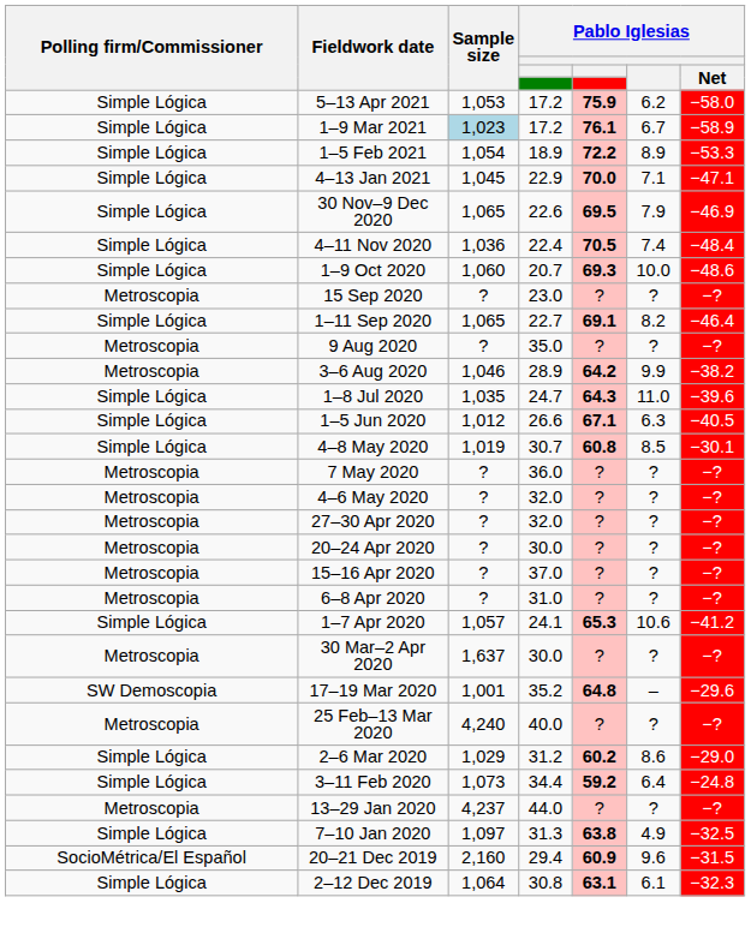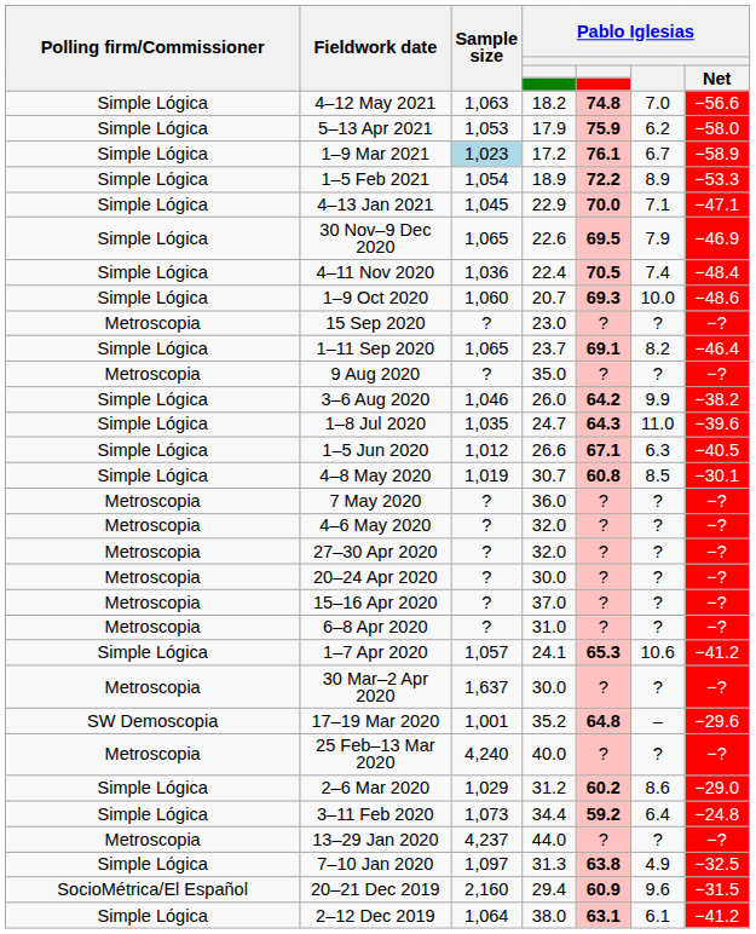 <table class="wikitable collapsible collapsed" style="text-align:center; font-size:90%; line-height:14px;">
 <tr style="height:42px;">
 <th style="width:250px;" rowspan="4">Polling firm/Commissioner</th>
 <th style="width:125px;" rowspan="4">Fieldwork date</th>
 <th style="width:50px;" rowspan="4">Sample size</th>
 <th style="width:185px;" colspan="4"><a href='#'>Pablo Iglesias</a><br></th>
 </tr>
 <tr>
 <th colspan="4" style="background:"></th>
 </tr>
 <tr>
 <th style="width:30px;"></th>
 <th style="width:30px;"></th>
 <th style="width:30px;" rowspan="2"></th>
 <th style="width:30px;" rowspan="2">Net</th>
 </tr>
 <tr>
 <th style="color:inherit;background:#008000;"></th>
 <th style="color:inherit;background:#FF0000;"></th>
 </tr>
 <tr>
 <td>Simple Lógica</td>
+<td>4–12 May 2021</td>
+<td>1,063</td>
+<td>18.2</td>
+<td style="background:#FFC2C1;"><strong>74.8</strong></td>
+<td>7.0</td>
+<td style="background:#FF0000; color:white;">−56.6</td>
+</tr>
+<tr>
+<td>Simple Lógica</td>
 <td>5–13 Apr 2021</td>
 <td>1,053</td>
-<td>17.2</td>
+<td>17.9</td>
 <td style="background:#FFC2C1;"><strong>75.9</strong></td>
 <td>6.2</td>
 <td style="background:#FF0000; color:white;">−58.0</td>
 </tr>
 <tr>
 <td>Simple Lógica</td>
 <td>1–9 Mar 2021</td>
 <td style="background: lightblue;">1,023</td>
 <td>17.2</td>
 <td style="background:#FFC2C1;"><strong>76.1</strong></td>
 <td>6.7</td>
 <td style="background:#FF0000; color:white;">−58.9</td>
 </tr>
 <tr>
 <td>Simple Lógica</td>
 <td>1–5 Feb 2021</td>
 <td>1,054</td>
 <td>18.9</td>
 <td style="background:#FFC2C1;"><strong>72.2</strong></td>
 <td>8.9</td>
 <td style="background:#FF0000; color:white;">−53.3</td>
 </tr>
 <tr>
 <td>Simple Lógica</td>
 <td>4–13 Jan 2021</td>
 <td>1,045</td>
 <td>22.9</td>
 <td style="background:#FFC2C1;"><strong>70.0</strong></td>
 <td>7.1</td>
 <td style="background:#FF0000; color:white;">−47.1</td>
 </tr>
 <tr>
 <td>Simple Lógica</td>
 <td>30 Nov–9 Dec 2020</td>
 <td>1,065</td>
 <td>22.6</td>
 <td style="background:#FFC2C1;"><strong>69.5</strong></td>
 <td>7.9</td>
 <td style="background:#FF0000; color:white;">−46.9</td>
 </tr>
 <tr>
 <td>Simple Lógica</td>
 <td>4–11 Nov 2020</td>
 <td>1,036</td>
 <td>22.4</td>
 <td style="background:#FFC2C1;"><strong>70.5</strong></td>
 <td>7.4</td>
 <td style="background:#FF0000; color:white;">−48.4</td>
 </tr>
 <tr>
 <td>Simple Lógica</td>
 <td>1–9 Oct 2020</td>
 <td>1,060</td>
 <td>20.7</td>
 <td style="background:#FFC2C1;"><strong>69.3</strong></td>
 <td>10.0</td>
 <td style="background:#FF0000; color:white;">−48.6</td>
 </tr>
 <tr>
 <td>Metroscopia</td>
 <td>15 Sep 2020</td>
 <td>?</td>
 <td>23.0</td>
 <td style="background:#FFC2C1;">?</td>
 <td>?</td>
 <td style="background:#FF0000; color:white;">−?</td>
 </tr>
 <tr>
 <td>Simple Lógica</td>
 <td>1–11 Sep 2020</td>
 <td>1,065</td>
-<td>22.7</td>
+<td>23.7</td>
 <td style="background:#FFC2C1;"><strong>69.1</strong></td>
 <td>8.2</td>
 <td style="background:#FF0000; color:white;">−46.4</td>
 </tr>
 <tr>
 <td>Metroscopia</td>
 <td>9 Aug 2020</td>
 <td>?</td>
 <td>35.0</td>
 <td style="background:#FFC2C1;">?</td>
 <td>?</td>
 <td style="background:#FF0000; color:white;">−?</td>
 </tr>
 <tr>
-<td>Metroscopia</td>
+<td>Simple Lógica</td>
 <td>3–6 Aug 2020</td>
 <td>1,046</td>
-<td>28.9</td>
+<td>26.0</td>
 <td style="background:#FFC2C1;"><strong>64.2</strong></td>
 <td>9.9</td>
 <td style="background:#FF0000; color:white;">−38.2</td>
 </tr>
 <tr>
 <td>Simple Lógica</td>
 <td>1–8 Jul 2020</td>
 <td>1,035</td>
 <td>24.7</td>
 <td style="background:#FFC2C1;"><strong>64.3</strong></td>
 <td>11.0</td>
 <td style="background:#FF0000; color:white;">−39.6</td>
 </tr>
 <tr>
 <td>Simple Lógica</td>
 <td>1–5 Jun 2020</td>
 <td>1,012</td>
 <td>26.6</td>
 <td style="background:#FFC2C1;"><strong>67.1</strong></td>
 <td>6.3</td>
 <td style="background:#FF0000; color:white;">−40.5</td>
 </tr>
 <tr>
 <td>Simple Lógica</td>
 <td>4–8 May 2020</td>
 <td>1,019</td>
 <td>30.7</td>
 <td style="background:#FFC2C1;"><strong>60.8</strong></td>
 <td>8.5</td>
 <td style="background:#FF0000; color:white;">−30.1</td>
 </tr>
 <tr>
 <td>Metroscopia</td>
 <td>7 May 2020</td>
 <td>?</td>
 <td>36.0</td>
 <td style="background:#FFC2C1;">?</td>
 <td>?</td>
 <td style="background:#FF0000; color:white;">−?</td>
 </tr>
 <tr>
 <td>Metroscopia</td>
 <td>4–6 May 2020</td>
 <td>?</td>
 <td>32.0</td>
 <td style="background:#FFC2C1;">?</td>
 <td>?</td>
 <td style="background:#FF0000; color:white;">−?</td>
 </tr>
 <tr>
 <td>Metroscopia</td>
 <td>27–30 Apr 2020</td>
 <td>?</td>
 <td>32.0</td>
 <td style="background:#FFC2C1;">?</td>
 <td>?</td>
 <td style="background:#FF0000; color:white;">−?</td>
 </tr>
 <tr>
 <td>Metroscopia</td>
 <td>20–24 Apr 2020</td>
 <td>?</td>
 <td>30.0</td>
 <td style="background:#FFC2C1;">?</td>
 <td>?</td>
 <td style="background:#FF0000; color:white;">−?</td>
 </tr>
 <tr>
 <td>Metroscopia</td>
 <td>15–16 Apr 2020</td>
 <td>?</td>
 <td>37.0</td>
 <td style="background:#FFC2C1;">?</td>
 <td>?</td>
 <td style="background:#FF0000; color:white;">−?</td>
 </tr>
 <tr>
 <td>Metroscopia</td>
 <td>6–8 Apr 2020</td>
 <td>?</td>
 <td>31.0</td>
 <td style="background:#FFC2C1;">?</td>
 <td>?</td>
 <td style="background:#FF0000; color:white;">−?</td>
 </tr>
 <tr>
 <td>Simple Lógica</td>
 <td>1–7 Apr 2020</td>
 <td>1,057</td>
 <td>24.1</td>
 <td style="background:#FFC2C1;"><strong>65.3</strong></td>
 <td>10.6</td>
 <td style="background:#FF0000; color:white;">−41.2</td>
 </tr>
 <tr>
 <td>Metroscopia</td>
 <td>30 Mar–2 Apr 2020</td>
 <td>1,637</td>
 <td>30.0</td>
 <td style="background:#FFC2C1;">?</td>
 <td>?</td>
 <td style="background:#FF0000; color:white;">−?</td>
 </tr>
 <tr>
 <td>SW Demoscopia</td>
 <td>17–19 Mar 2020</td>
 <td>1,001</td>
 <td>35.2</td>
 <td style="background:#FFC2C1;"><strong>64.8</strong></td>
 <td>–</td>
 <td style="background:#FF0000; color:white;">−29.6</td>
 </tr>
 <tr>
 <td>Metroscopia</td>
 <td>25 Feb–13 Mar 2020</td>
 <td>4,240</td>
 <td>40.0</td>
 <td style="background:#FFC2C1;">?</td>
 <td>?</td>
 <td style="background:#FF0000; color:white;">−?</td>
 </tr>
 <tr>
 <td>Simple Lógica</td>
 <td>2–6 Mar 2020</td>
 <td>1,029</td>
 <td>31.2</td>
 <td style="background:#FFC2C1;"><strong>60.2</strong></td>
 <td>8.6</td>
 <td style="background:#FF0000; color:white;">−29.0</td>
 </tr>
 <tr>
 <td>Simple Lógica</td>
 <td>3–11 Feb 2020</td>
 <td>1,073</td>
 <td>34.4</td>
 <td style="background:#FFC2C1;"><strong>59.2</strong></td>
 <td>6.4</td>
 <td style="background:#FF0000; color:white;">−24.8</td>
 </tr>
 <tr>
 <td>Metroscopia</td>
 <td>13–29 Jan 2020</td>
 <td>4,237</td>
 <td>44.0</td>
 <td style="background:#FFC2C1;">?</td>
 <td>?</td>
 <td style="background:#FF0000; color:white;">−?</td>
 </tr>
 <tr>
 <td>Simple Lógica</td>
 <td>7–10 Jan 2020</td>
 <td>1,097</td>
 <td>31.3</td>
 <td style="background:#FFC2C1;"><strong>63.8</strong></td>
 <td>4.9</td>
 <td style="background:#FF0000; color:white;">−32.5</td>
 </tr>
 <tr>
 <td>SocioMétrica/El Español</td>
 <td>20–21 Dec 2019</td>
 <td>2,160</td>
 <td>29.4</td>
 <td style="background:#FFC2C1;"><strong>60.9</strong></td>
 <td>9.6</td>
 <td style="background:#FF0000; color:white;">−31.5</td>
 </tr>
 <tr>
 <td>Simple Lógica</td>
 <td>2–12 Dec 2019</td>
 <td>1,064</td>
-<td>30.8</td>
+<td>38.0</td>
 <td style="background:#FFC2C1;"><strong>63.1</strong></td>
 <td>6.1</td>
-<td style="background:#FF0000; color:white;">−32.3</td>
+<td style="background:#FF0000; color:white;">−41.2</td>
 </tr>
 </table>
